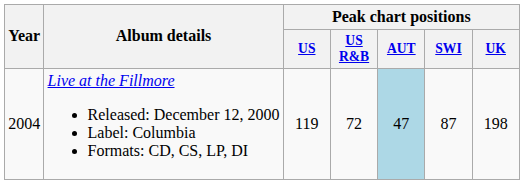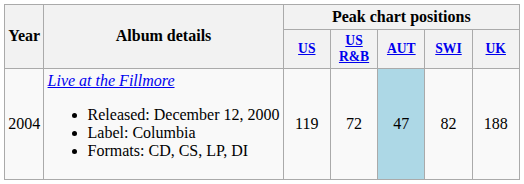 <table class="wikitable" border="1">
 <tr>
 <th rowspan="2">Year</th>
 <th rowspan="2">Album details</th>
 <th colspan="5">Peak chart positions</th>
 </tr>
 <tr>
 <th style="width:3em;font-size:85%;"><a href='#'>US</a><br></th>
 <th style="width:3em;font-size:85%;"><a href='#'>US<br>R&B</a><br></th>
 <th style="width:3em;font-size:85%;"><a href='#'>AUT</a><br></th>
 <th style="width:3em;font-size:85%;"><a href='#'>SWI</a><br></th>
 <th style="width:3em;font-size:85%;"><a href='#'>UK</a><br></th>
 </tr>
 <tr>
 <td align="center">2004</td>
 <td align="left"><em><a href='#'>Live at the Fillmore</a></em><br><ul><li>Released: December 12, 2000</li><li>Label: Columbia</li><li>Formats: CD, CS, LP, DI</li></ul></td>
 <td align="center">119</td>
 <td align="center">72</td>
 <td align="center" style="background: lightblue;">47</td>
-<td align="center">87</td>
-<td align="center">198</td>
+<td align="center">82</td>
+<td align="center">188</td>
 </tr>
 </table>
